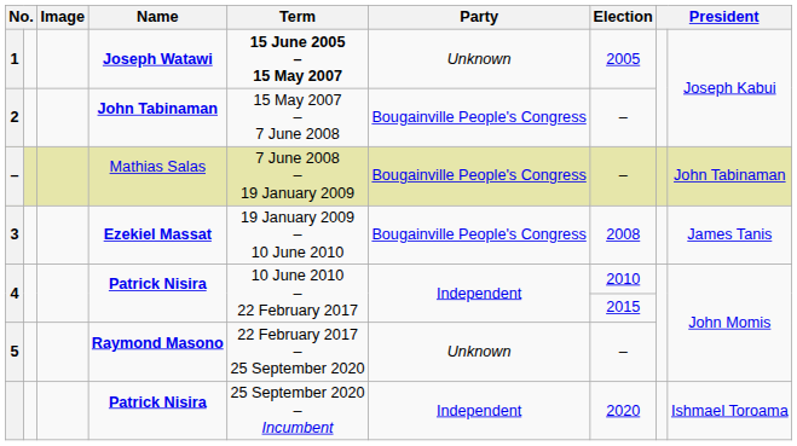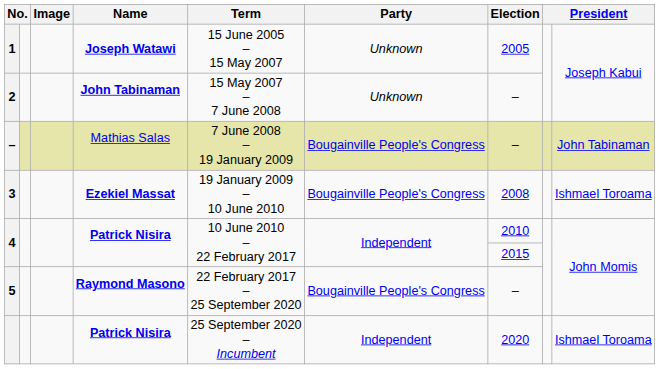 <table class="wikitable" style="text-align:center;">
 <tr>
 <th colspan="2">No.</th>
 <th>Image</th>
 <th>Name</th>
 <th>Term</th>
 <th>Party</th>
 <th>Election</th>
 <th colspan="2"><a href='#'>President</a></th>
 </tr>
 <tr>
 <th>1</th>
 <td></td>
 <td></td>
 <td><strong><a href='#'>Joseph Watawi</a></strong><br></td>
-<td><strong>15 June 2005<br>–<br>15 May 2007</strong></td>
+<td>15 June 2005<br>–<br>15 May 2007</td>
 <td><em>Unknown</em></td>
 <td><a href='#'>2005</a></td>
 <td rowspan="2" style="background-color:"> </td>
 <td rowspan="2"><a href='#'>Joseph Kabui</a></td>
 </tr>
 <tr>
 <th>2</th>
 <td></td>
 <td></td>
 <td><strong><a href='#'>John Tabinaman</a></strong><br><br></td>
 <td>15 May 2007<br>–<br>7 June 2008</td>
-<td><a href='#'>Bougainville People's Congress</a></td>
+<td><em>Unknown</em></td>
 <td>–</td>
 </tr>
 <tr style="background:#e6e6aa;">
 <th>–</th>
 <td style="background-color:"> </td>
 <td></td>
 <td><a href='#'>Mathias Salas</a><br><br></td>
 <td>7 June 2008<br>–<br>19 January 2009</td>
 <td><a href='#'>Bougainville People's Congress</a></td>
 <td>–</td>
 <td></td>
 <td><a href='#'>John Tabinaman</a></td>
 </tr>
 <tr>
 <th>3</th>
 <td style="background-color:"> </td>
 <td></td>
 <td><strong><a href='#'>Ezekiel Massat</a></strong><br></td>
 <td>19 January 2009<br>–<br>10 June 2010</td>
 <td><a href='#'>Bougainville People's Congress</a></td>
 <td><a href='#'>2008</a></td>
 <td style="background-color:"> </td>
-<td><a href='#'>James Tanis</a></td>
+<td><a href='#'>Ishmael Toroama</a></td>
 </tr>
 <tr>
 <th rowspan="2">4</th>
 <td rowspan="2" style="background-color:"> </td>
 <td rowspan="2"></td>
 <td rowspan="2"><strong><a href='#'>Patrick Nisira</a></strong><br><br></td>
 <td rowspan="2">10 June 2010<br>–<br>22 February 2017</td>
 <td rowspan="2"><a href='#'>Independent</a></td>
 <td><a href='#'>2010</a></td>
 <td rowspan="3" style="background-color:"> </td>
 <td rowspan="3"><a href='#'>John Momis</a></td>
 </tr>
 <tr>
 <td><a href='#'>2015</a></td>
 </tr>
 <tr>
 <th>5</th>
 <td></td>
 <td></td>
 <td><strong><a href='#'>Raymond Masono</a></strong><br><br></td>
 <td>22 February 2017<br>–<br>25 September 2020</td>
-<td><em>Unknown</em></td>
+<td><a href='#'>Bougainville People's Congress</a></td>
 <td>–</td>
 </tr>
 <tr>
 <th></th>
 <td style="background-color:"> </td>
 <td></td>
 <td><strong><a href='#'>Patrick Nisira</a></strong><br><br></td>
 <td>25 September 2020<br>–<br><em><a href='#'>Incumbent</a></em></td>
 <td><a href='#'>Independent</a></td>
 <td><a href='#'>2020</a></td>
 <td style="background-color:"> </td>
 <td><a href='#'>Ishmael Toroama</a></td>
 </tr>
 </table>
